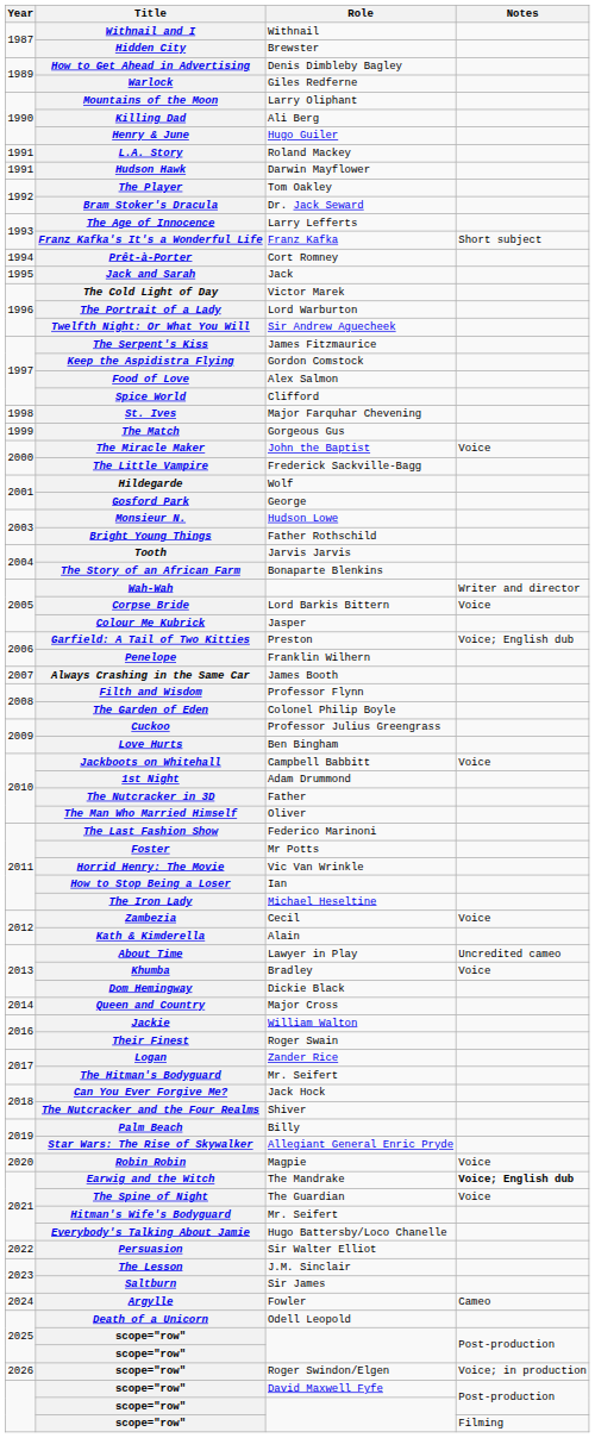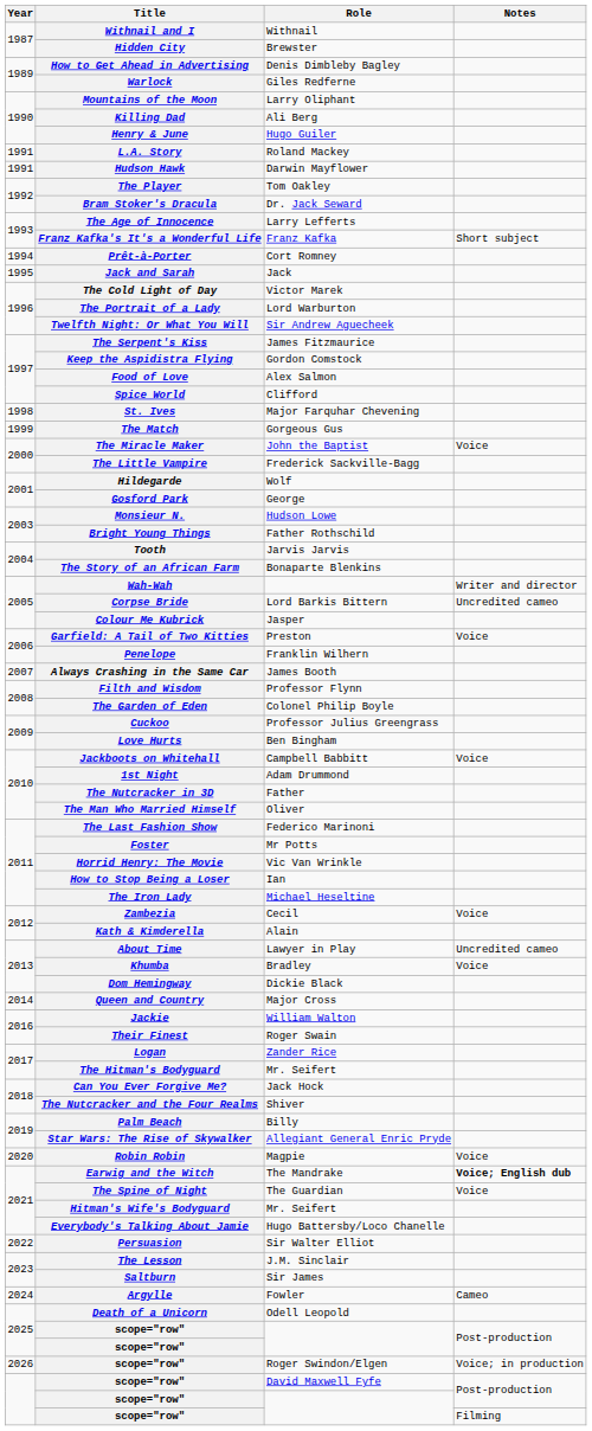 <table class="wikitable plainrowheaders sortable">
 <tr>
 <th scope="col">Year</th>
 <th scope="col">Title</th>
 <th scope="col">Role</th>
 <th scope="col" class="unsortable">Notes</th>
 </tr>
 <tr>
 <td rowspan="2">1987</td>
 <th scope="row"><em><a href='#'>Withnail and I</a></em></th>
 <td>Withnail</td>
 <td></td>
 </tr>
 <tr>
 <th scope="row"><em><a href='#'>Hidden City</a></em></th>
 <td>Brewster</td>
 <td></td>
 </tr>
 <tr>
 <td rowspan="2">1989</td>
 <th scope="row"><em><a href='#'>How to Get Ahead in Advertising</a></em></th>
 <td>Denis Dimbleby Bagley</td>
 <td></td>
 </tr>
 <tr>
 <th scope="row"><em><a href='#'>Warlock</a></em></th>
 <td>Giles Redferne</td>
 <td></td>
 </tr>
 <tr>
 <td rowspan="3">1990</td>
 <th scope="row"><em><a href='#'>Mountains of the Moon</a></em></th>
 <td>Larry Oliphant</td>
 <td></td>
 </tr>
 <tr>
 <th scope="row"><em><a href='#'>Killing Dad</a></em></th>
 <td>Ali Berg</td>
 <td></td>
 </tr>
 <tr>
 <th scope="row"><em><a href='#'>Henry & June</a></em></th>
 <td><a href='#'>Hugo Guiler</a></td>
 <td></td>
 </tr>
 <tr>
 <td>1991</td>
 <th scope="row"><em><a href='#'>L.A. Story</a></em></th>
 <td>Roland Mackey</td>
 <td></td>
 </tr>
 <tr>
 <td>1991</td>
 <th scope="row"><em><a href='#'>Hudson Hawk</a></em></th>
 <td>Darwin Mayflower</td>
 <td></td>
 </tr>
 <tr>
 <td rowspan="2">1992</td>
 <th scope="row"><em><a href='#'>The Player</a></em></th>
 <td>Tom Oakley</td>
 <td></td>
 </tr>
 <tr>
 <th scope="row"><em><a href='#'>Bram Stoker's Dracula</a></em></th>
 <td>Dr. <a href='#'>Jack Seward</a></td>
 <td></td>
 </tr>
 <tr>
 <td rowspan="2">1993</td>
 <th scope="row"><em><a href='#'>The Age of Innocence</a></em></th>
 <td>Larry Lefferts</td>
 <td></td>
 </tr>
 <tr>
 <th scope="row"><em><a href='#'>Franz Kafka's It's a Wonderful Life</a></em></th>
 <td><a href='#'>Franz Kafka</a></td>
 <td>Short subject</td>
 </tr>
 <tr>
 <td>1994</td>
 <th scope="row"><em><a href='#'>Prêt-à-Porter</a></em></th>
 <td>Cort Romney</td>
 <td></td>
 </tr>
 <tr>
 <td>1995</td>
 <th scope="row"><em><a href='#'>Jack and Sarah</a></em></th>
 <td>Jack</td>
 <td></td>
 </tr>
 <tr>
 <td rowspan="3">1996</td>
 <th scope="row"><em>The Cold Light of Day</em></th>
 <td>Victor Marek</td>
 <td></td>
 </tr>
 <tr>
 <th scope="row"><em><a href='#'>The Portrait of a Lady</a></em></th>
 <td>Lord Warburton</td>
 <td></td>
 </tr>
 <tr>
 <th scope="row"><em><a href='#'>Twelfth Night: Or What You Will</a></em></th>
 <td><a href='#'>Sir Andrew Aguecheek</a></td>
 <td></td>
 </tr>
 <tr>
 <td rowspan="4">1997</td>
 <th scope="row"><em><a href='#'>The Serpent's Kiss</a></em></th>
 <td>James Fitzmaurice</td>
 <td></td>
 </tr>
 <tr>
 <th scope="row"><em><a href='#'>Keep the Aspidistra Flying</a></em></th>
 <td>Gordon Comstock</td>
 <td></td>
 </tr>
 <tr>
 <th scope="row"><em><a href='#'>Food of Love</a></em></th>
 <td>Alex Salmon</td>
 <td></td>
 </tr>
 <tr>
 <th scope="row"><em><a href='#'>Spice World</a></em></th>
 <td>Clifford</td>
 <td></td>
 </tr>
 <tr>
 <td>1998</td>
 <th scope="row"><em><a href='#'>St. Ives</a></em></th>
 <td>Major Farquhar Chevening</td>
 <td></td>
 </tr>
 <tr>
 <td>1999</td>
 <th scope="row"><em><a href='#'>The Match</a></em></th>
 <td>Gorgeous Gus</td>
 <td></td>
 </tr>
 <tr>
 <td rowspan="2">2000</td>
 <th scope="row"><em><a href='#'>The Miracle Maker</a></em></th>
 <td><a href='#'>John the Baptist</a></td>
 <td>Voice</td>
 </tr>
 <tr>
 <th scope="row"><em><a href='#'>The Little Vampire</a></em></th>
 <td>Frederick Sackville-Bagg</td>
 <td></td>
 </tr>
 <tr>
 <td rowspan="2">2001</td>
 <th scope="row"><em>Hildegarde</em></th>
 <td>Wolf</td>
 <td></td>
 </tr>
 <tr>
 <th scope="row"><em><a href='#'>Gosford Park</a></em></th>
 <td>George</td>
 <td></td>
 </tr>
 <tr>
 <td rowspan="2">2003</td>
 <th scope="row"><em><a href='#'>Monsieur N.</a></em></th>
 <td><a href='#'>Hudson Lowe</a></td>
 <td></td>
 </tr>
 <tr>
 <th scope="row"><em><a href='#'>Bright Young Things</a></em></th>
 <td>Father Rothschild</td>
 <td></td>
 </tr>
 <tr>
 <td rowspan="2">2004</td>
 <th scope="row"><em>Tooth</em></th>
 <td>Jarvis Jarvis</td>
 <td></td>
 </tr>
 <tr>
 <th scope="row"><em><a href='#'>The Story of an African Farm</a></em></th>
 <td>Bonaparte Blenkins</td>
 <td></td>
 </tr>
 <tr>
 <td rowspan="3">2005</td>
 <th scope="row"><em><a href='#'>Wah-Wah</a></em></th>
 <td></td>
 <td>Writer and director</td>
 </tr>
 <tr>
 <th scope="row"><em><a href='#'>Corpse Bride</a></em></th>
 <td>Lord Barkis Bittern</td>
-<td>Voice</td>
+<td>Uncredited cameo</td>
 </tr>
 <tr>
 <th scope="row"><em><a href='#'>Colour Me Kubrick</a></em></th>
 <td>Jasper</td>
 <td></td>
 </tr>
 <tr>
 <td rowspan="2">2006</td>
 <th scope="row"><em><a href='#'>Garfield: A Tail of Two Kitties</a></em></th>
 <td>Preston</td>
-<td>Voice; English dub</td>
+<td>Voice</td>
 </tr>
 <tr>
 <th scope="row"><em><a href='#'>Penelope</a></em></th>
 <td>Franklin Wilhern</td>
 <td></td>
 </tr>
 <tr>
 <td>2007</td>
 <th scope="row"><em>Always Crashing in the Same Car</em></th>
 <td>James Booth</td>
 <td></td>
 </tr>
 <tr>
 <td rowspan="2">2008</td>
 <th scope="row"><em><a href='#'>Filth and Wisdom</a></em></th>
 <td>Professor Flynn</td>
 <td></td>
 </tr>
 <tr>
 <th scope="row"><em><a href='#'>The Garden of Eden</a></em></th>
 <td>Colonel Philip Boyle</td>
 <td></td>
 </tr>
 <tr>
 <td rowspan="2">2009</td>
 <th scope="row"><em><a href='#'>Cuckoo</a></em></th>
 <td>Professor Julius Greengrass</td>
 <td></td>
 </tr>
 <tr>
 <th scope="row"><em><a href='#'>Love Hurts</a></em></th>
 <td>Ben Bingham</td>
 <td></td>
 </tr>
 <tr>
 <td rowspan="4">2010</td>
 <th scope="row"><em><a href='#'>Jackboots on Whitehall</a></em></th>
 <td>Campbell Babbitt</td>
 <td>Voice</td>
 </tr>
 <tr>
 <th scope="row"><em><a href='#'>1st Night</a></em></th>
 <td>Adam Drummond</td>
 <td></td>
 </tr>
 <tr>
 <th scope="row"><em><a href='#'>The Nutcracker in 3D</a></em></th>
 <td>Father</td>
 <td></td>
 </tr>
 <tr>
 <th scope="row"><em><a href='#'>The Man Who Married Himself</a></em></th>
 <td>Oliver</td>
 <td></td>
 </tr>
 <tr>
 <td rowspan="5">2011</td>
 <th scope="row"><em><a href='#'>The Last Fashion Show</a></em></th>
 <td>Federico Marinoni</td>
 <td></td>
 </tr>
 <tr>
 <th scope="row"><em><a href='#'>Foster</a></em></th>
 <td>Mr Potts</td>
 <td></td>
 </tr>
 <tr>
 <th scope="row"><em><a href='#'>Horrid Henry: The Movie</a></em></th>
 <td>Vic Van Wrinkle</td>
 <td></td>
 </tr>
 <tr>
 <th scope="row"><em><a href='#'>How to Stop Being a Loser</a></em></th>
 <td>Ian</td>
 <td></td>
 </tr>
 <tr>
 <th scope="row"><em><a href='#'>The Iron Lady</a></em></th>
 <td><a href='#'>Michael Heseltine</a></td>
 <td></td>
 </tr>
 <tr>
 <td rowspan="2">2012</td>
 <th scope="row"><em><a href='#'>Zambezia</a></em></th>
 <td>Cecil</td>
 <td>Voice</td>
 </tr>
 <tr>
 <th scope="row"><em><a href='#'>Kath & Kimderella</a></em></th>
 <td>Alain</td>
 <td></td>
 </tr>
 <tr>
 <td rowspan="3">2013</td>
 <th scope="row"><em><a href='#'>About Time</a></em></th>
 <td>Lawyer in Play</td>
 <td>Uncredited cameo</td>
 </tr>
 <tr>
 <th scope="row"><em><a href='#'>Khumba</a></em></th>
 <td>Bradley</td>
 <td>Voice</td>
 </tr>
 <tr>
 <th scope="row"><em><a href='#'>Dom Hemingway</a></em></th>
 <td>Dickie Black</td>
 <td></td>
 </tr>
 <tr>
 <td>2014</td>
 <th scope="row"><em><a href='#'>Queen and Country</a></em></th>
 <td>Major Cross</td>
 <td></td>
 </tr>
 <tr>
 <td rowspan="2">2016</td>
 <th scope="row"><em><a href='#'>Jackie</a></em></th>
 <td><a href='#'>William Walton</a></td>
 <td></td>
 </tr>
 <tr>
 <th scope="row"><em><a href='#'>Their Finest</a></em></th>
 <td>Roger Swain</td>
 <td></td>
 </tr>
 <tr>
 <td rowspan="2">2017</td>
 <th scope="row"><em><a href='#'>Logan</a></em></th>
 <td><a href='#'>Zander Rice</a></td>
 <td></td>
 </tr>
 <tr>
 <th scope="row"><em><a href='#'>The Hitman's Bodyguard</a></em></th>
 <td>Mr. Seifert</td>
 <td></td>
 </tr>
 <tr>
 <td rowspan="2">2018</td>
 <th scope="row"><em><a href='#'>Can You Ever Forgive Me?</a></em></th>
 <td>Jack Hock</td>
 <td></td>
 </tr>
 <tr>
 <th scope="row"><em><a href='#'>The Nutcracker and the Four Realms</a></em></th>
 <td>Shiver</td>
 <td></td>
 </tr>
 <tr>
 <td rowspan="2">2019</td>
 <th scope="row"><em><a href='#'>Palm Beach</a></em></th>
 <td>Billy</td>
 <td></td>
 </tr>
 <tr>
 <th scope="row"><em><a href='#'>Star Wars: The Rise of Skywalker</a></em></th>
 <td><a href='#'>Allegiant General Enric Pryde</a></td>
 <td></td>
 </tr>
 <tr>
 <td rowspan=“1”>2020</td>
 <th scope="row"><em><a href='#'>Robin Robin</a></em></th>
 <td>Magpie</td>
 <td>Voice</td>
 </tr>
 <tr>
 <td rowspan="4">2021</td>
 <th scope="row"><em><a href='#'>Earwig and the Witch</a></em></th>
 <td>The Mandrake</td>
 <td><strong>Voice; English dub</strong></td>
 </tr>
 <tr>
 <th scope="row"><em><a href='#'>The Spine of Night</a></em></th>
 <td>The Guardian</td>
 <td>Voice</td>
 </tr>
 <tr>
 <th scope="row"><em><a href='#'>Hitman's Wife's Bodyguard</a></em></th>
 <td>Mr. Seifert</td>
 <td></td>
 </tr>
 <tr>
 <th scope="row"><em><a href='#'>Everybody's Talking About Jamie</a></em></th>
 <td>Hugo Battersby/Loco Chanelle</td>
 <td></td>
 </tr>
 <tr>
 <td>2022</td>
 <th scope="row"><em><a href='#'>Persuasion</a></em></th>
 <td>Sir Walter Elliot</td>
 <td></td>
 </tr>
 <tr>
 <td rowspan="2">2023</td>
 <th scope="row"><em><a href='#'>The Lesson</a></em></th>
 <td>J.M. Sinclair</td>
 <td></td>
 </tr>
 <tr>
 <th scope="row"><em><a href='#'>Saltburn</a></em></th>
 <td>Sir James</td>
 <td></td>
 </tr>
 <tr>
 <td>2024</td>
 <th scope="row"><em><a href='#'>Argylle</a></em></th>
 <td>Fowler</td>
 <td>Cameo</td>
 </tr>
 <tr>
 <td rowspan="3">2025</td>
 <th scope="row"><em><a href='#'>Death of a Unicorn</a></em></th>
 <td>Odell Leopold</td>
 <td></td>
 </tr>
 <tr>
 <th>scope="row" </th>
 <td rowspan="2"></td>
 <td rowspan="2">Post-production</td>
 </tr>
 <tr>
 <th>scope="row" </th>
 </tr>
 <tr>
 <td>2026</td>
 <th>scope="row" </th>
 <td>Roger Swindon/Elgen</td>
 <td>Voice; in production</td>
 </tr>
 <tr>
 <td rowspan="3"></td>
 <th>scope="row" </th>
 <td><a href='#'>David Maxwell Fyfe</a></td>
 <td rowspan="2">Post-production</td>
 </tr>
 <tr>
 <th>scope="row" </th>
 <td rowspan="2"></td>
 </tr>
 <tr>
 <th>scope="row" </th>
 <td>Filming</td>
 </tr>
 </table>
